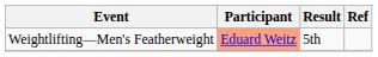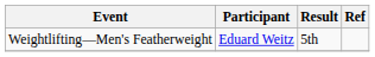 <table class="wikitable" style="font-size: 95%;">
 <tr>
 <th>Event</th>
 <th>Participant</th>
 <th>Result</th>
 <th>Ref</th>
 </tr>
 <tr>
 <td>Weightlifting—Men's Featherweight</td>
-<td style="background: lightsalmon;"><a href='#'>Eduard Weitz</a></td>
+<td><a href='#'>Eduard Weitz</a></td>
 <td>5th</td>
 <td></td>
 </tr>
 <tr>
 </tr>
 </table>
